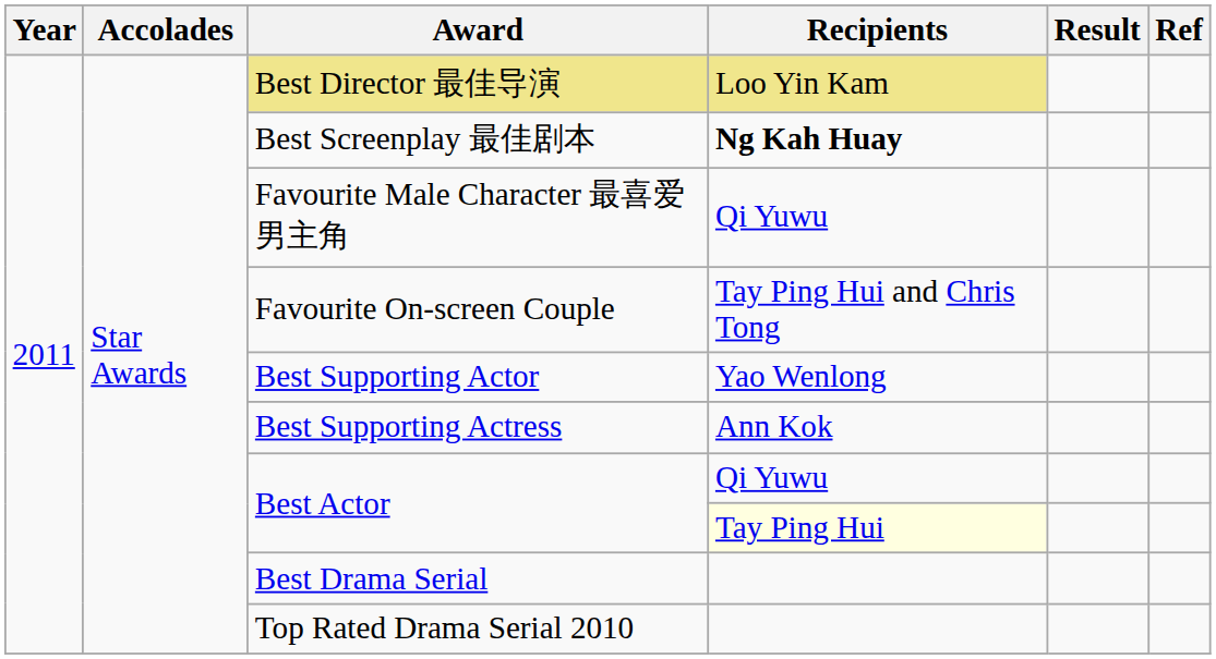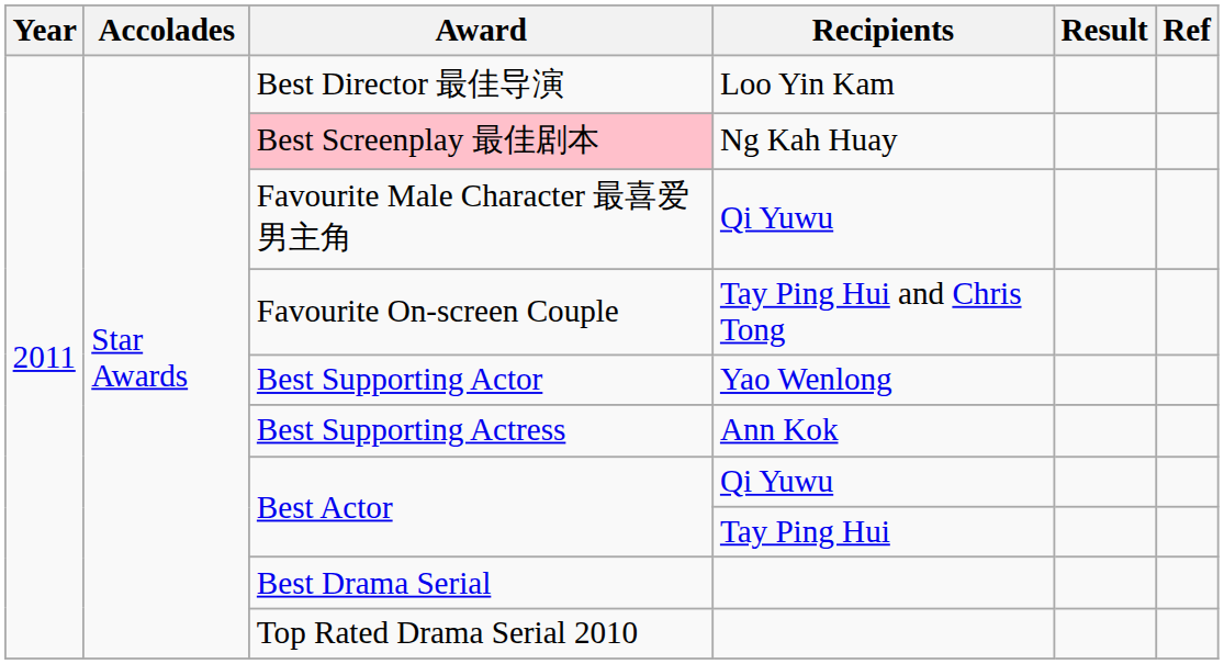 <table class="wikitable">
 <tr>
 <th>Year</th>
 <th>Accolades</th>
 <th>Award</th>
 <th>Recipients</th>
 <th>Result</th>
 <th>Ref</th>
 </tr>
 <tr>
 <td rowspan="10"><a href='#'>2011</a></td>
 <td rowspan="16"><a href='#'>Star Awards</a></td>
-<td style="background: khaki;">Best Director 最佳导演</td>
-<td style="background: khaki;">Loo Yin Kam</td>
+<td>Best Director 最佳导演</td>
+<td>Loo Yin Kam</td>
 <td></td>
 <td></td>
 </tr>
 <tr>
-<td>Best Screenplay 最佳剧本</td>
-<td><strong>Ng Kah Huay</strong></td>
+<td style="background: pink;">Best Screenplay 最佳剧本</td>
+<td>Ng Kah Huay</td>
 <td></td>
 <td></td>
 </tr>
 <tr>
 <td>Favourite Male Character 最喜爱男主角</td>
 <td><a href='#'>Qi Yuwu</a></td>
 <td></td>
 <td></td>
 </tr>
 <tr>
 <td>Favourite On-screen Couple</td>
 <td><a href='#'>Tay Ping Hui</a> and <a href='#'>Chris Tong</a></td>
 <td></td>
 <td></td>
 </tr>
 <tr>
 <td><a href='#'>Best Supporting Actor</a></td>
 <td><a href='#'>Yao Wenlong</a></td>
 <td></td>
 <td></td>
 </tr>
 <tr>
 <td><a href='#'>Best Supporting Actress</a></td>
 <td><a href='#'>Ann Kok</a></td>
 <td></td>
 <td></td>
 </tr>
 <tr>
 <td rowspan="2"><a href='#'>Best Actor</a></td>
 <td><a href='#'>Qi Yuwu</a></td>
 <td></td>
 <td></td>
 </tr>
 <tr>
-<td style="background: lightyellow;"><a href='#'>Tay Ping Hui</a></td>
+<td><a href='#'>Tay Ping Hui</a></td>
 <td></td>
 <td></td>
 </tr>
 <tr>
 <td><a href='#'>Best Drama Serial</a></td>
 <td></td>
 <td></td>
 <td></td>
 </tr>
 <tr>
 <td>Top Rated Drama Serial 2010</td>
 <td></td>
 <td></td>
 <td></td>
 </tr>
 </table>
